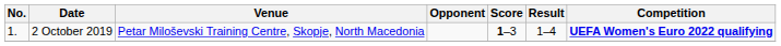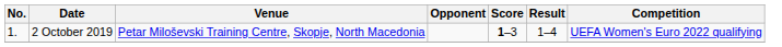 <table class="wikitable">
 <tr>
 <th>No.</th>
 <th>Date</th>
 <th>Venue</th>
 <th>Opponent</th>
 <th>Score</th>
 <th>Result</th>
 <th>Competition</th>
 </tr>
 <tr>
 <td>1.</td>
 <td>2 October 2019</td>
 <td><a href='#'>Petar Miloševski Training Centre</a>, <a href='#'>Skopje</a>, <a href='#'>North Macedonia</a></td>
 <td></td>
 <td align=center><strong>1</strong>–3</td>
 <td align=center>1–4</td>
-<td><strong><a href='#'>UEFA Women's Euro 2022 qualifying</a></strong></td>
+<td><a href='#'>UEFA Women's Euro 2022 qualifying</a></td>
 </tr>
 <tr>
 </tr>
 </table>
